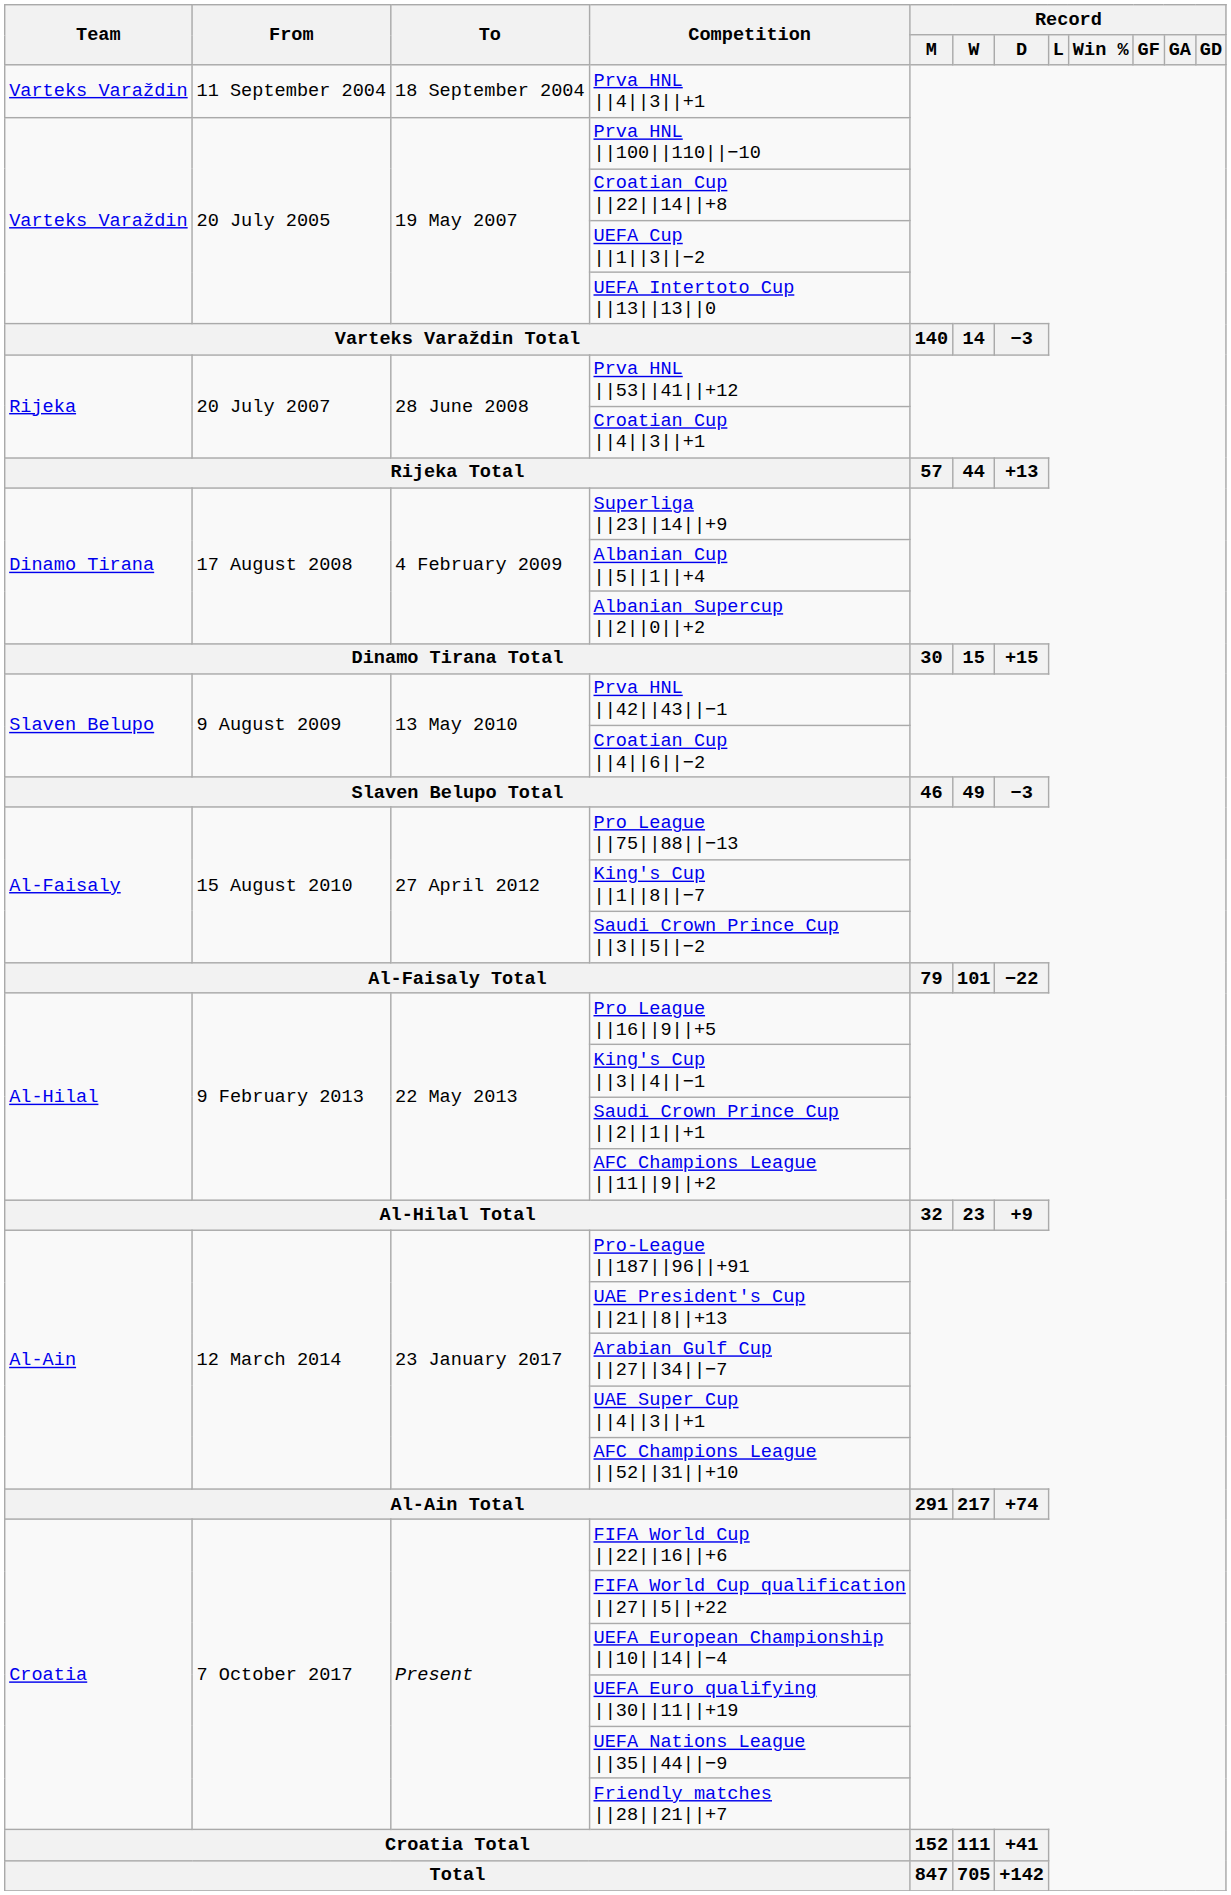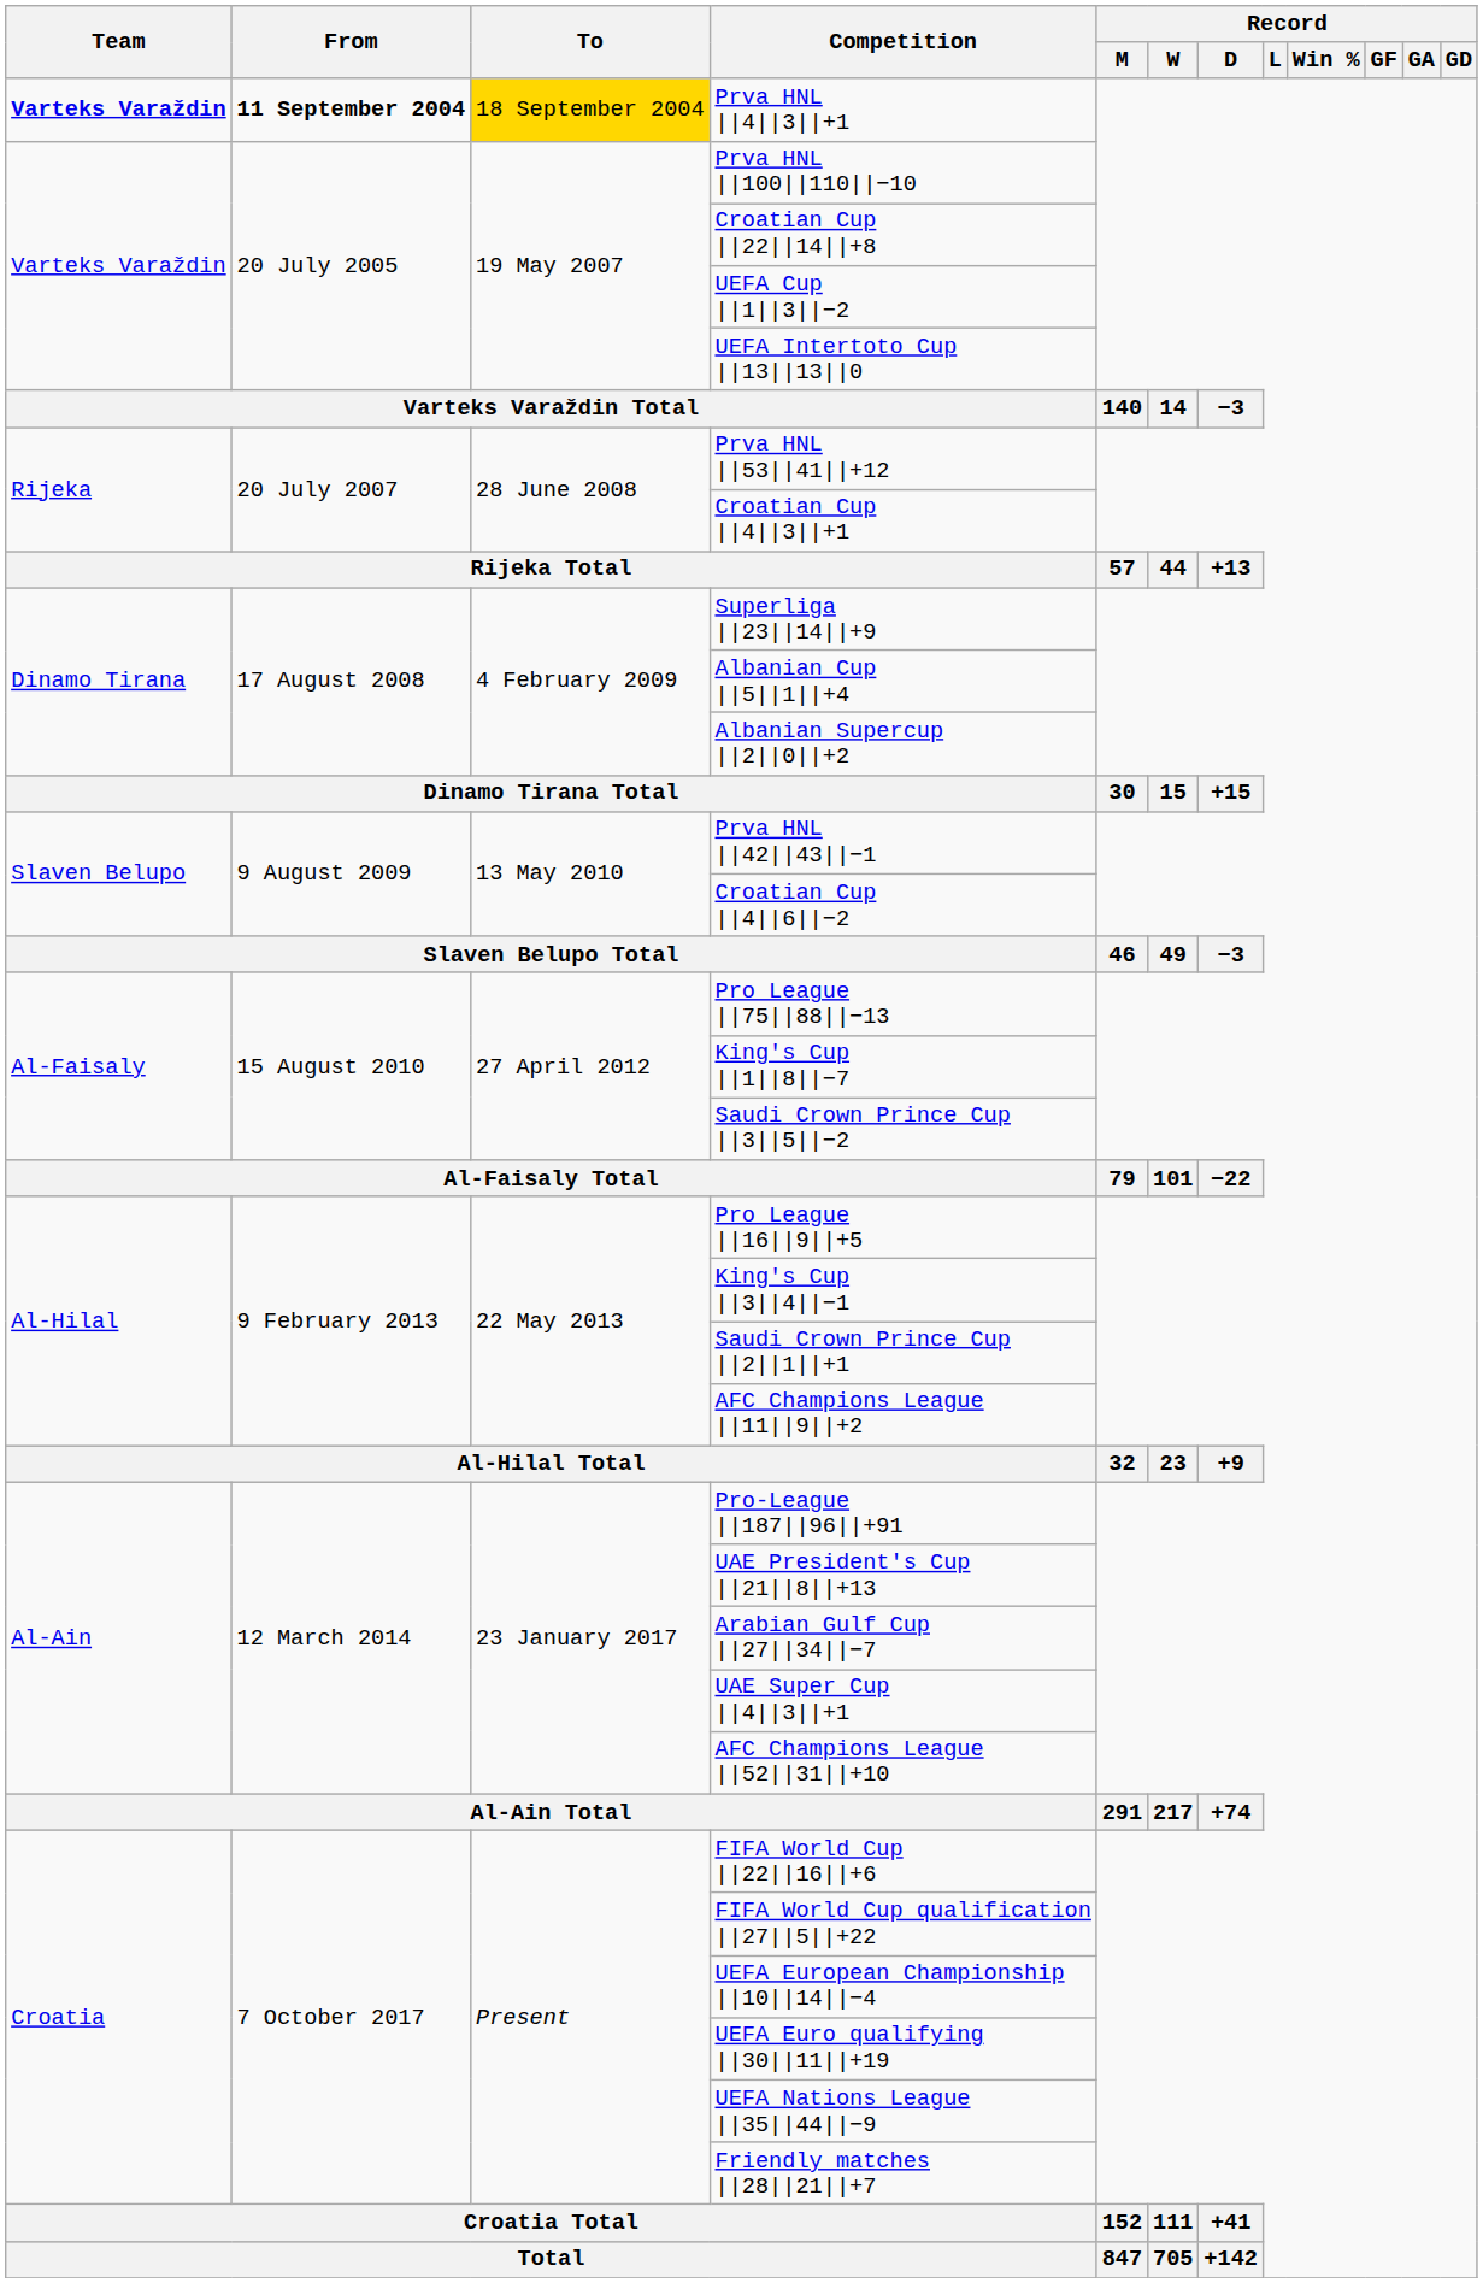 <table class="wikitable" style="text-align: center">
 <tr>
 <th rowspan=2>Team</th>
 <th rowspan=2>From</th>
 <th rowspan=2>To</th>
 <th rowspan=2>Competition</th>
 <th colspan=8>Record</th>
 </tr>
 <tr>
 <th>M</th>
 <th>W</th>
 <th>D</th>
 <th>L</th>
 <th>Win %</th>
 <th>GF</th>
 <th>GA</th>
 <th>GD</th>
 </tr>
 <tr>
-<td><a href='#'>Varteks Varaždin</a></td>
-<td align="left">11 September 2004</td>
-<td align="left">18 September 2004</td>
+<td><strong><a href='#'>Varteks Varaždin</a></strong></td>
+<td align="left"><strong>11 September 2004</strong></td>
+<td align="left" style="background: gold;">18 September 2004</td>
 <td align=left><a href='#'>Prva HNL</a><br>||4||3||+1</td>
 </tr>
 <tr>
 <td rowspan=4 align=left><a href='#'>Varteks Varaždin</a></td>
 <td rowspan=4 align=left>20 July 2005</td>
 <td rowspan=4 align=left>19 May 2007</td>
 <td align=left><a href='#'>Prva HNL</a><br>||100||110||−10</td>
 </tr>
 <tr>
 <td align=left><a href='#'>Croatian Cup</a><br>||22||14||+8</td>
 </tr>
 <tr>
 <td align=left><a href='#'>UEFA Cup</a><br>||1||3||−2</td>
 </tr>
 <tr>
 <td align=left><a href='#'>UEFA Intertoto Cup</a><br>||13||13||0</td>
 </tr>
 <tr>
 <th colspan="4">Varteks Varaždin Total<br></th>
 <th>140</th>
 <th>14</th>
 <th>−3</th>
 </tr>
 <tr>
 <td rowspan=2 align=left><a href='#'>Rijeka</a></td>
 <td rowspan=2 align=left>20 July 2007</td>
 <td rowspan=2 align=left>28 June 2008</td>
 <td align=left><a href='#'>Prva HNL</a><br>||53||41||+12</td>
 </tr>
 <tr>
 <td align=left><a href='#'>Croatian Cup</a><br>||4||3||+1</td>
 </tr>
 <tr>
 <th colspan="4">Rijeka Total<br></th>
 <th>57</th>
 <th>44</th>
 <th>+13</th>
 </tr>
 <tr>
 <td rowspan=3 align=left><a href='#'>Dinamo Tirana</a></td>
 <td rowspan=3 align=left>17 August 2008</td>
 <td rowspan=3 align=left>4 February 2009</td>
 <td align=left><a href='#'>Superliga</a><br>||23||14||+9</td>
 </tr>
 <tr>
 <td align=left><a href='#'>Albanian Cup</a><br>||5||1||+4</td>
 </tr>
 <tr>
 <td align=left><a href='#'>Albanian Supercup</a><br>||2||0||+2</td>
 </tr>
 <tr>
 <th colspan="4">Dinamo Tirana Total<br></th>
 <th>30</th>
 <th>15</th>
 <th>+15</th>
 </tr>
 <tr>
 <td rowspan=2 align=left><a href='#'>Slaven Belupo</a></td>
 <td rowspan=2 align=left>9 August 2009</td>
 <td rowspan=2 align=left>13 May 2010</td>
 <td align=left><a href='#'>Prva HNL</a><br>||42||43||−1</td>
 </tr>
 <tr>
 <td align=left><a href='#'>Croatian Cup</a><br>||4||6||−2</td>
 </tr>
 <tr>
 <th colspan="4">Slaven Belupo Total<br></th>
 <th>46</th>
 <th>49</th>
 <th>−3</th>
 </tr>
 <tr>
 <td rowspan=3 align=left><a href='#'>Al-Faisaly</a></td>
 <td rowspan=3 align=left>15 August 2010</td>
 <td rowspan=3 align=left>27 April 2012</td>
 <td align=left><a href='#'>Pro League</a><br>||75||88||−13</td>
 </tr>
 <tr>
 <td align=left><a href='#'>King's Cup</a><br>||1||8||−7</td>
 </tr>
 <tr>
 <td align=left><a href='#'>Saudi Crown Prince Cup</a><br>||3||5||−2</td>
 </tr>
 <tr>
 <th colspan="4">Al-Faisaly Total<br></th>
 <th>79</th>
 <th>101</th>
 <th>−22</th>
 </tr>
 <tr>
 <td rowspan=4 align=left><a href='#'>Al-Hilal</a></td>
 <td rowspan=4 align=left>9 February 2013</td>
 <td rowspan=4 align=left>22 May 2013</td>
 <td align=left><a href='#'>Pro League</a><br>||16||9||+5</td>
 </tr>
 <tr>
 <td align=left><a href='#'>King's Cup</a><br>||3||4||−1</td>
 </tr>
 <tr>
 <td align=left><a href='#'>Saudi Crown Prince Cup</a><br>||2||1||+1</td>
 </tr>
 <tr>
 <td align=left><a href='#'>AFC Champions League</a><br>||11||9||+2</td>
 </tr>
 <tr>
 <th colspan="4">Al-Hilal Total<br></th>
 <th>32</th>
 <th>23</th>
 <th>+9</th>
 </tr>
 <tr>
 <td rowspan=5 align=left><a href='#'>Al-Ain</a></td>
 <td rowspan=5 align=left>12 March 2014</td>
 <td rowspan=5 align=left>23 January 2017</td>
 <td align=left><a href='#'>Pro-League</a><br>||187||96||+91</td>
 </tr>
 <tr>
 <td align=left><a href='#'>UAE President's Cup</a><br>||21||8||+13</td>
 </tr>
 <tr>
 <td align=left><a href='#'>Arabian Gulf Cup</a><br>||27||34||−7</td>
 </tr>
 <tr>
 <td align=left><a href='#'>UAE Super Cup</a><br>||4||3||+1</td>
 </tr>
 <tr>
 <td align=left><a href='#'>AFC Champions League</a><br>||52||31||+10</td>
 </tr>
 <tr>
 <th colspan="4">Al-Ain Total<br></th>
 <th>291</th>
 <th>217</th>
 <th>+74</th>
 </tr>
 <tr>
 <td rowspan=6 align=left><a href='#'>Croatia</a></td>
 <td rowspan=6 align=left>7 October 2017</td>
 <td rowspan=6 align=left><em>Present</em></td>
 <td align=left><a href='#'>FIFA World Cup</a><br>||22||16||+6</td>
 </tr>
 <tr>
 <td align=left><a href='#'>FIFA World Cup qualification</a><br>||27||5||+22</td>
 </tr>
 <tr>
 <td align=left><a href='#'>UEFA European Championship</a><br>||10||14||−4</td>
 </tr>
 <tr>
 <td align=left><a href='#'>UEFA Euro qualifying</a><br>||30||11||+19</td>
 </tr>
 <tr>
 <td align=left><a href='#'>UEFA Nations League</a><br>||35||44||−9</td>
 </tr>
 <tr>
 <td align=left><a href='#'>Friendly matches</a><br>||28||21||+7</td>
 </tr>
 <tr>
 <th colspan="4">Croatia Total<br></th>
 <th>152</th>
 <th>111</th>
 <th>+41</th>
 </tr>
 <tr>
 <th colspan="4">Total<br></th>
 <th>847</th>
 <th>705</th>
 <th>+142</th>
 </tr>
 </table>
